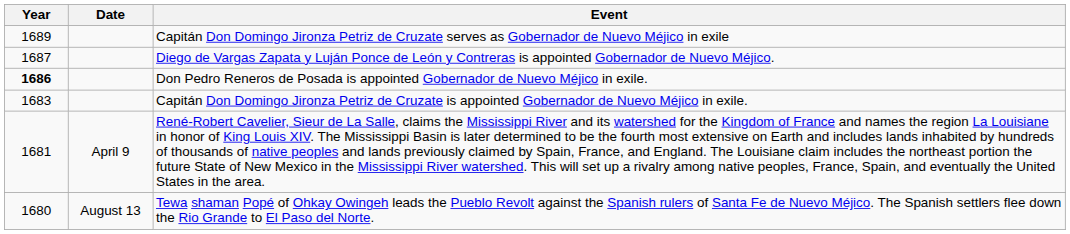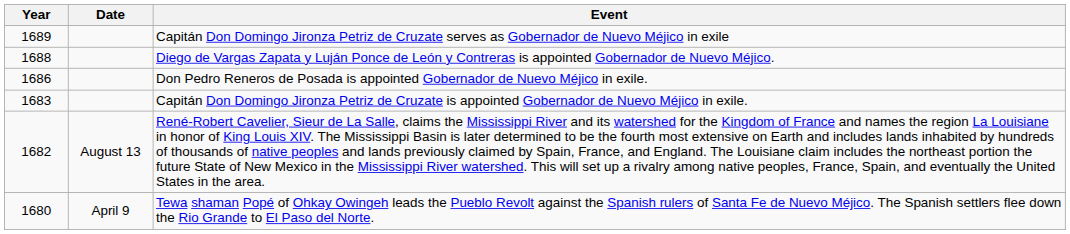 <table class="wikitable" style="width:100%;">
 <tr>
 <th style="width:6%">Year</th>
 <th style="width:8%">Date</th>
 <th style="width:86%">Event</th>
 </tr>
 <tr>
 <td align=center>1689</td>
 <td align=center> </td>
 <td>Capitán <a href='#'>Don Domingo Jironza Petriz de Cruzate</a> serves as <a href='#'>Gobernador de Nuevo Méjico</a> in exile</td>
 </tr>
 <tr>
-<td align=center>1687</td>
+<td align=center>1688</td>
 <td align=center> </td>
 <td><a href='#'>Diego de Vargas Zapata y Luján Ponce de León y Contreras</a> is appointed <a href='#'>Gobernador de Nuevo Méjico</a>.</td>
 </tr>
 <tr>
-<td align=center><strong>1686</strong></td>
+<td align=center>1686</td>
 <td align=center> </td>
 <td>Don Pedro Reneros de Posada is appointed <a href='#'>Gobernador de Nuevo Méjico</a> in exile.</td>
 </tr>
 <tr>
 <td align=center>1683</td>
 <td align=center> </td>
 <td>Capitán <a href='#'>Don Domingo Jironza Petriz de Cruzate</a> is appointed <a href='#'>Gobernador de Nuevo Méjico</a> in exile.</td>
 </tr>
 <tr>
-<td align=center>1681</td>
-<td align=center>April 9</td>
+<td align=center>1682</td>
+<td align=center>August 13</td>
 <td><a href='#'>René-Robert Cavelier, Sieur de La Salle</a>, claims the <a href='#'>Mississippi River</a> and its <a href='#'>watershed</a> for the <a href='#'>Kingdom of France</a> and names the region <a href='#'>La Louisiane</a> in honor of <a href='#'>King Louis XIV</a>.  The Mississippi Basin is later determined to be the fourth most extensive on Earth and includes lands inhabited by hundreds of thousands of <a href='#'>native peoples</a> and lands previously claimed by Spain, France, and England.  The Louisiane claim includes the northeast portion the future State of New Mexico in the <a href='#'>Mississippi River watershed</a>.  This will set up a rivalry among native peoples, France, Spain, and eventually the United States in the area.</td>
 </tr>
 <tr>
 <td align=center>1680</td>
-<td align=center>August 13</td>
+<td align=center>April 9</td>
 <td><a href='#'>Tewa</a> <a href='#'>shaman</a> <a href='#'>Popé</a> of <a href='#'>Ohkay Owingeh</a> leads the <a href='#'>Pueblo Revolt</a> against the <a href='#'>Spanish rulers</a> of <a href='#'>Santa Fe de Nuevo Méjico</a>.  The Spanish settlers flee down the <a href='#'>Rio Grande</a> to <a href='#'>El Paso del Norte</a>.</td>
 </tr>
 </table>
